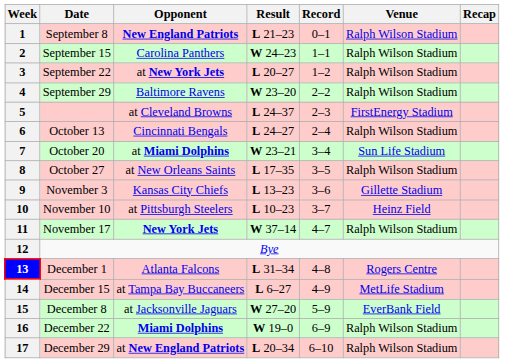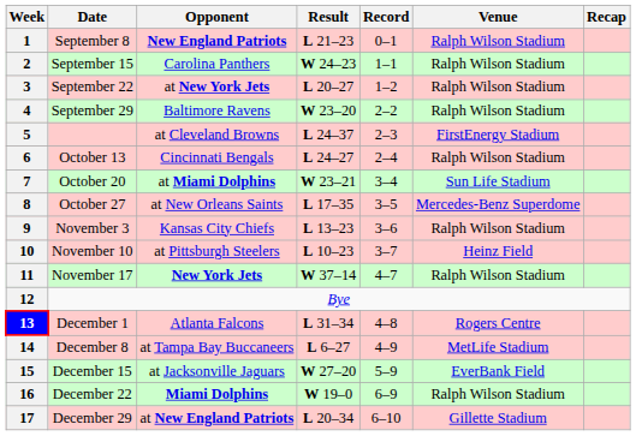 <table class="wikitable" style="text-align:center">
 <tr>
 <th>Week</th>
 <th>Date</th>
 <th>Opponent</th>
 <th>Result</th>
 <th>Record</th>
 <th>Venue</th>
 <th>Recap</th>
 </tr>
 <tr style="background:#fcc">
 <th>1</th>
 <td>September 8</td>
 <td><strong><a href='#'>New England Patriots</a></strong></td>
 <td><strong>L</strong> 21–23</td>
 <td>0–1</td>
 <td><a href='#'>Ralph Wilson Stadium</a></td>
 <td></td>
 </tr>
 <tr style="background:#cfc">
 <th>2</th>
 <td>September 15</td>
 <td><a href='#'>Carolina Panthers</a></td>
 <td><strong>W</strong> 24–23</td>
 <td>1–1</td>
 <td>Ralph Wilson Stadium</td>
 <td></td>
 </tr>
 <tr style="background:#fcc">
 <th>3</th>
 <td>September 22</td>
 <td>at <strong><a href='#'>New York Jets</a></strong></td>
 <td><strong>L</strong> 20–27</td>
 <td>1–2</td>
 <td>Ralph Wilson Stadium</td>
 <td></td>
 </tr>
 <tr style="background:#cfc">
 <th>4</th>
 <td>September 29</td>
 <td><a href='#'>Baltimore Ravens</a></td>
 <td><strong>W</strong> 23–20</td>
 <td>2–2</td>
 <td>Ralph Wilson Stadium</td>
 <td></td>
 </tr>
 <tr style="background:#fcc">
 <th>5</th>
 <td></td>
 <td>at <a href='#'>Cleveland Browns</a></td>
 <td><strong>L</strong> 24–37</td>
 <td>2–3</td>
 <td><a href='#'>FirstEnergy Stadium</a></td>
 <td></td>
 </tr>
 <tr style="background:#fcc">
 <th>6</th>
 <td>October 13</td>
 <td><a href='#'>Cincinnati Bengals</a></td>
 <td><strong>L</strong> 24–27 </td>
 <td>2–4</td>
 <td>Ralph Wilson Stadium</td>
 <td></td>
 </tr>
 <tr style="background:#cfc">
 <th>7</th>
 <td>October 20</td>
 <td>at <strong><a href='#'>Miami Dolphins</a></strong></td>
 <td><strong>W</strong> 23–21</td>
 <td>3–4</td>
 <td><a href='#'>Sun Life Stadium</a></td>
 <td></td>
 </tr>
 <tr style="background:#fcc">
 <th>8</th>
 <td>October 27</td>
 <td>at <a href='#'>New Orleans Saints</a></td>
 <td><strong>L</strong> 17–35</td>
 <td>3–5</td>
-<td>Ralph Wilson Stadium</td>
+<td><a href='#'>Mercedes-Benz Superdome</a></td>
 <td></td>
 </tr>
 <tr style="background:#fcc">
 <th>9</th>
 <td>November 3</td>
 <td><a href='#'>Kansas City Chiefs</a></td>
 <td><strong>L</strong> 13–23</td>
 <td>3–6</td>
-<td><a href='#'>Gillette Stadium</a></td>
+<td>Ralph Wilson Stadium</td>
 <td></td>
 </tr>
 <tr style="background:#fcc">
 <th>10</th>
 <td>November 10</td>
 <td>at <a href='#'>Pittsburgh Steelers</a></td>
 <td><strong>L</strong> 10–23</td>
 <td>3–7</td>
 <td><a href='#'>Heinz Field</a></td>
 <td></td>
 </tr>
 <tr style="background:#cfc">
 <th>11</th>
 <td>November 17</td>
 <td><strong><a href='#'>New York Jets</a></strong></td>
 <td><strong>W</strong> 37–14</td>
 <td>4–7</td>
 <td>Ralph Wilson Stadium</td>
 <td></td>
 </tr>
 <tr>
 <th>12</th>
 <td colspan="6"><em><a href='#'>Bye</a></em></td>
 </tr>
 <tr style="background:#fcc">
 <th style="background:blue; color:white; border:2px solid red;">13</th>
 <td>December 1</td>
 <td><a href='#'>Atlanta Falcons</a></td>
 <td><strong>L</strong> 31–34 </td>
 <td>4–8</td>
 <td> <a href='#'>Rogers Centre</a> </td>
 <td></td>
 </tr>
 <tr style="background:#fcc">
 <th>14</th>
-<td>December 15</td>
+<td>December 8</td>
 <td>at <a href='#'>Tampa Bay Buccaneers</a></td>
 <td><strong>L</strong> 6–27</td>
 <td>4–9</td>
 <td><a href='#'>MetLife Stadium</a></td>
 <td></td>
 </tr>
 <tr style="background:#cfc">
 <th>15</th>
-<td>December 8</td>
+<td>December 15</td>
 <td>at <a href='#'>Jacksonville Jaguars</a></td>
 <td><strong>W</strong> 27–20</td>
 <td>5–9</td>
 <td><a href='#'>EverBank Field</a></td>
 <td></td>
 </tr>
 <tr style="background:#cfc">
 <th>16</th>
 <td>December 22</td>
 <td><strong><a href='#'>Miami Dolphins</a></strong></td>
 <td><strong>W</strong> 19–0</td>
 <td>6–9</td>
 <td>Ralph Wilson Stadium</td>
 <td></td>
 </tr>
 <tr style="background:#fcc">
 <th>17</th>
 <td>December 29</td>
 <td>at <strong><a href='#'>New England Patriots</a></strong></td>
 <td><strong>L</strong> 20–34</td>
 <td>6–10</td>
-<td>Ralph Wilson Stadium</td>
+<td><a href='#'>Gillette Stadium</a></td>
 <td></td>
 </tr>
 </table>
